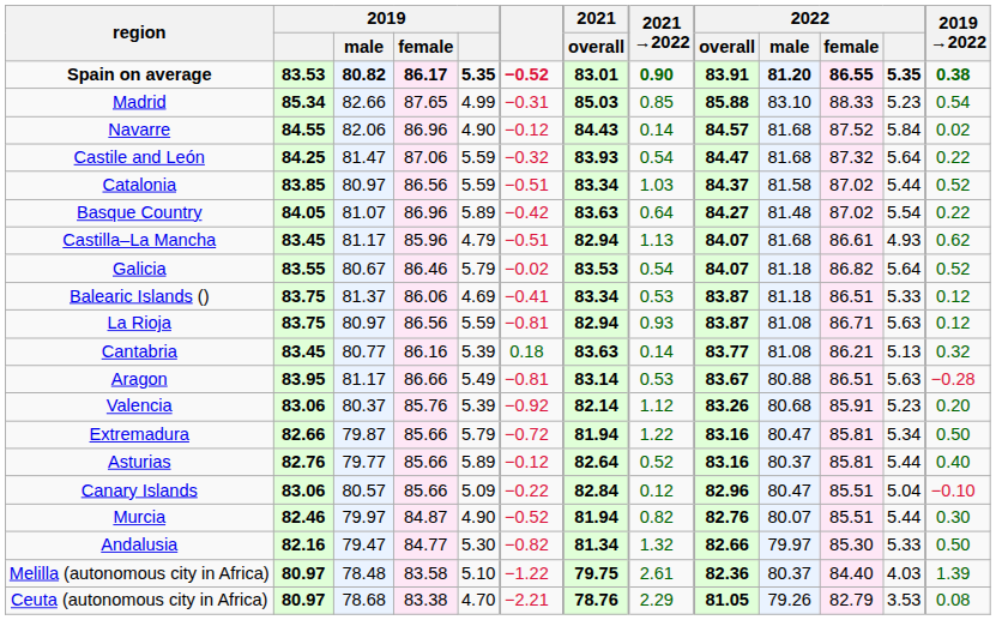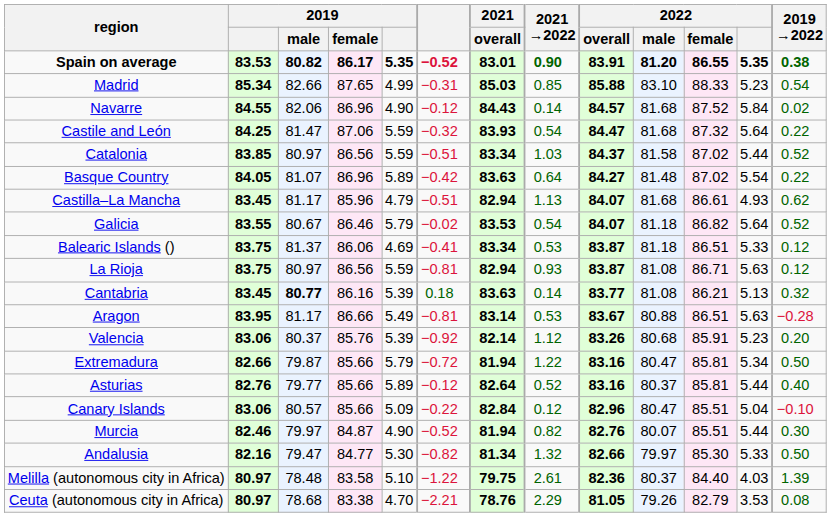 <table class="wikitable sortable mw-datatable static-row-numbers sort-under col1left col6right col8right col13right" style="text-align:center;">
 <tr>
 <th rowspan=2 style="vertical-align:middle;">region</th>
 <th colspan=4>2019</th>
 <th rowspan=2 style="vertical-align:middle;border-left-width:2px;"></th>
 <th style="border-left-width:2px;">2021</th>
 <th rowspan=2 style="vertical-align:middle;border-left-width:2px;">2021<br>→2022</th>
 <th colspan=4 style="border-left-width:2px;">2022</th>
 <th rowspan=2 style="vertical-align:middle;border-left-width:2px;">2019<br>→2022</th>
 </tr>
 <tr>
 <th style="vertical-align:middle;min-width:3em;"></th>
 <th style="vertical-align:middle;min-width:3em;">male</th>
 <th style="vertical-align:middle;min-width:3em;">female</th>
 <th></th>
 <th style="vertical-align:middle;min-width:3em;border-left-width:2px;">overall</th>
 <th style="vertical-align:middle;min-width:3em;border-left-width:2px;">overall</th>
 <th style="vertical-align:middle;min-width:3em;">male</th>
 <th style="vertical-align:middle;min-width:3em;">female</th>
 <th></th>
 </tr>
 <tr class=static-row-header>
 <td><strong>Spain on average</strong></td>
 <td style="background:#e0ffd8;"><strong>83.53</strong></td>
 <td style="background:#eaf3ff;"><strong>80.82</strong></td>
 <td style="background:#fee7f6;"><strong>86.17</strong></td>
 <td><strong>5.35</strong></td>
 <td style="padding-right:1.5ex;color:crimson;border-left-width:2px;"><strong>−0.52</strong></td>
 <td style="background:#e0ffd8;border-left-width:2px;"><strong>83.01</strong></td>
 <td style="padding-right:1.5ex;color:darkgreen;border-left-width:2px;"><strong>0.90</strong></td>
 <td style="background:#e0ffd8;border-left-width:2px;"><strong>83.91</strong></td>
 <td style="background:#eaf3ff;"><strong>81.20</strong></td>
 <td style="background:#fee7f6;"><strong>86.55</strong></td>
 <td><strong>5.35</strong></td>
 <td style="padding-right:1.5ex;color:darkgreen;border-left-width:2px;"><strong>0.38</strong></td>
 </tr>
 <tr>
 <td><a href='#'>Madrid</a></td>
 <td style="background:#e0ffd8;"><strong>85.34</strong></td>
 <td style="background:#eaf3ff;">82.66</td>
 <td style="background:#fee7f6;">87.65</td>
 <td>4.99</td>
 <td style="padding-right:1.5ex;color:crimson;border-left-width:2px;">−0.31</td>
 <td style="background:#e0ffd8;border-left-width:2px;"><strong>85.03</strong></td>
 <td style="padding-right:1.5ex;color:darkgreen;border-left-width:2px;">0.85</td>
 <td style="background:#e0ffd8;border-left-width:2px;"><strong>85.88</strong></td>
 <td style="background:#eaf3ff;">83.10</td>
 <td style="background:#fee7f6;">88.33</td>
 <td>5.23</td>
 <td style="padding-right:1.5ex;color:darkgreen;border-left-width:2px;">0.54</td>
 </tr>
 <tr>
 <td><a href='#'>Navarre</a></td>
 <td style="background:#e0ffd8;"><strong>84.55</strong></td>
 <td style="background:#eaf3ff;">82.06</td>
 <td style="background:#fee7f6;">86.96</td>
 <td>4.90</td>
 <td style="padding-right:1.5ex;color:crimson;border-left-width:2px;">−0.12</td>
 <td style="background:#e0ffd8;border-left-width:2px;"><strong>84.43</strong></td>
 <td style="padding-right:1.5ex;color:darkgreen;border-left-width:2px;">0.14</td>
 <td style="background:#e0ffd8;border-left-width:2px;"><strong>84.57</strong></td>
 <td style="background:#eaf3ff;">81.68</td>
 <td style="background:#fee7f6;">87.52</td>
 <td>5.84</td>
 <td style="padding-right:1.5ex;color:darkgreen;border-left-width:2px;">0.02</td>
 </tr>
 <tr>
 <td><a href='#'>Castile and León</a></td>
 <td style="background:#e0ffd8;"><strong>84.25</strong></td>
 <td style="background:#eaf3ff;">81.47</td>
 <td style="background:#fee7f6;">87.06</td>
 <td>5.59</td>
 <td style="padding-right:1.5ex;color:crimson;border-left-width:2px;">−0.32</td>
 <td style="background:#e0ffd8;border-left-width:2px;"><strong>83.93</strong></td>
 <td style="padding-right:1.5ex;color:darkgreen;border-left-width:2px;">0.54</td>
 <td style="background:#e0ffd8;border-left-width:2px;"><strong>84.47</strong></td>
 <td style="background:#eaf3ff;">81.68</td>
 <td style="background:#fee7f6;">87.32</td>
 <td>5.64</td>
 <td style="padding-right:1.5ex;color:darkgreen;border-left-width:2px;">0.22</td>
 </tr>
 <tr>
 <td><a href='#'>Catalonia</a></td>
 <td style="background:#e0ffd8;"><strong>83.85</strong></td>
 <td style="background:#eaf3ff;">80.97</td>
 <td style="background:#fee7f6;">86.56</td>
 <td>5.59</td>
 <td style="padding-right:1.5ex;color:crimson;border-left-width:2px;">−0.51</td>
 <td style="background:#e0ffd8;border-left-width:2px;"><strong>83.34</strong></td>
 <td style="padding-right:1.5ex;color:darkgreen;border-left-width:2px;">1.03</td>
 <td style="background:#e0ffd8;border-left-width:2px;"><strong>84.37</strong></td>
 <td style="background:#eaf3ff;">81.58</td>
 <td style="background:#fee7f6;">87.02</td>
 <td>5.44</td>
 <td style="padding-right:1.5ex;color:darkgreen;border-left-width:2px;">0.52</td>
 </tr>
 <tr>
 <td><a href='#'>Basque Country</a></td>
 <td style="background:#e0ffd8;"><strong>84.05</strong></td>
 <td style="background:#eaf3ff;">81.07</td>
 <td style="background:#fee7f6;">86.96</td>
 <td>5.89</td>
 <td style="padding-right:1.5ex;color:crimson;border-left-width:2px;">−0.42</td>
 <td style="background:#e0ffd8;border-left-width:2px;"><strong>83.63</strong></td>
 <td style="padding-right:1.5ex;color:darkgreen;border-left-width:2px;">0.64</td>
 <td style="background:#e0ffd8;border-left-width:2px;"><strong>84.27</strong></td>
 <td style="background:#eaf3ff;">81.48</td>
 <td style="background:#fee7f6;">87.02</td>
 <td>5.54</td>
 <td style="padding-right:1.5ex;color:darkgreen;border-left-width:2px;">0.22</td>
 </tr>
 <tr>
 <td><a href='#'>Castilla–La Mancha</a></td>
 <td style="background:#e0ffd8;"><strong>83.45</strong></td>
 <td style="background:#eaf3ff;">81.17</td>
 <td style="background:#fee7f6;">85.96</td>
 <td>4.79</td>
 <td style="padding-right:1.5ex;color:crimson;border-left-width:2px;">−0.51</td>
 <td style="background:#e0ffd8;border-left-width:2px;"><strong>82.94</strong></td>
 <td style="padding-right:1.5ex;color:darkgreen;border-left-width:2px;">1.13</td>
 <td style="background:#e0ffd8;border-left-width:2px;"><strong>84.07</strong></td>
 <td style="background:#eaf3ff;">81.68</td>
 <td style="background:#fee7f6;">86.61</td>
 <td>4.93</td>
 <td style="padding-right:1.5ex;color:darkgreen;border-left-width:2px;">0.62</td>
 </tr>
 <tr>
 <td><a href='#'>Galicia</a></td>
 <td style="background:#e0ffd8;"><strong>83.55</strong></td>
 <td style="background:#eaf3ff;">80.67</td>
 <td style="background:#fee7f6;">86.46</td>
 <td>5.79</td>
 <td style="padding-right:1.5ex;color:crimson;border-left-width:2px;">−0.02</td>
 <td style="background:#e0ffd8;border-left-width:2px;"><strong>83.53</strong></td>
 <td style="padding-right:1.5ex;color:darkgreen;border-left-width:2px;">0.54</td>
 <td style="background:#e0ffd8;border-left-width:2px;"><strong>84.07</strong></td>
 <td style="background:#eaf3ff;">81.18</td>
 <td style="background:#fee7f6;">86.82</td>
 <td>5.64</td>
 <td style="padding-right:1.5ex;color:darkgreen;border-left-width:2px;">0.52</td>
 </tr>
 <tr>
 <td><a href='#'>Balearic Islands</a> ()</td>
 <td style="background:#e0ffd8;"><strong>83.75</strong></td>
 <td style="background:#eaf3ff;">81.37</td>
 <td style="background:#fee7f6;">86.06</td>
 <td>4.69</td>
 <td style="padding-right:1.5ex;color:crimson;border-left-width:2px;">−0.41</td>
 <td style="background:#e0ffd8;border-left-width:2px;"><strong>83.34</strong></td>
 <td style="padding-right:1.5ex;color:darkgreen;border-left-width:2px;">0.53</td>
 <td style="background:#e0ffd8;border-left-width:2px;"><strong>83.87</strong></td>
 <td style="background:#eaf3ff;">81.18</td>
 <td style="background:#fee7f6;">86.51</td>
 <td>5.33</td>
 <td style="padding-right:1.5ex;color:darkgreen;border-left-width:2px;">0.12</td>
 </tr>
 <tr>
 <td><a href='#'>La Rioja</a></td>
 <td style="background:#e0ffd8;"><strong>83.75</strong></td>
 <td style="background:#eaf3ff;">80.97</td>
 <td style="background:#fee7f6;">86.56</td>
 <td>5.59</td>
 <td style="padding-right:1.5ex;color:crimson;border-left-width:2px;">−0.81</td>
 <td style="background:#e0ffd8;border-left-width:2px;"><strong>82.94</strong></td>
 <td style="padding-right:1.5ex;color:darkgreen;border-left-width:2px;">0.93</td>
 <td style="background:#e0ffd8;border-left-width:2px;"><strong>83.87</strong></td>
 <td style="background:#eaf3ff;">81.08</td>
 <td style="background:#fee7f6;">86.71</td>
 <td>5.63</td>
 <td style="padding-right:1.5ex;color:darkgreen;border-left-width:2px;">0.12</td>
 </tr>
 <tr>
 <td><a href='#'>Cantabria</a></td>
 <td style="background:#e0ffd8;"><strong>83.45</strong></td>
-<td style="background:#eaf3ff;">80.77</td>
+<td style="background:#eaf3ff;"><strong>80.77</strong></td>
 <td style="background:#fee7f6;">86.16</td>
 <td>5.39</td>
 <td style="padding-right:1.5ex;color:darkgreen;border-left-width:2px;">0.18</td>
 <td style="background:#e0ffd8;border-left-width:2px;"><strong>83.63</strong></td>
 <td style="padding-right:1.5ex;color:darkgreen;border-left-width:2px;">0.14</td>
 <td style="background:#e0ffd8;border-left-width:2px;"><strong>83.77</strong></td>
 <td style="background:#eaf3ff;">81.08</td>
 <td style="background:#fee7f6;">86.21</td>
 <td>5.13</td>
 <td style="padding-right:1.5ex;color:darkgreen;border-left-width:2px;">0.32</td>
 </tr>
 <tr>
 <td><a href='#'>Aragon</a></td>
 <td style="background:#e0ffd8;"><strong>83.95</strong></td>
 <td style="background:#eaf3ff;">81.17</td>
 <td style="background:#fee7f6;">86.66</td>
 <td>5.49</td>
 <td style="padding-right:1.5ex;color:crimson;border-left-width:2px;">−0.81</td>
 <td style="background:#e0ffd8;border-left-width:2px;"><strong>83.14</strong></td>
 <td style="padding-right:1.5ex;color:darkgreen;border-left-width:2px;">0.53</td>
 <td style="background:#e0ffd8;border-left-width:2px;"><strong>83.67</strong></td>
 <td style="background:#eaf3ff;">80.88</td>
 <td style="background:#fee7f6;">86.51</td>
 <td>5.63</td>
 <td style="padding-right:1.5ex;color:crimson;border-left-width:2px;">−0.28</td>
 </tr>
 <tr>
 <td><a href='#'>Valencia</a></td>
 <td style="background:#e0ffd8;"><strong>83.06</strong></td>
 <td style="background:#eaf3ff;">80.37</td>
 <td style="background:#fee7f6;">85.76</td>
 <td>5.39</td>
 <td style="padding-right:1.5ex;color:crimson;border-left-width:2px;">−0.92</td>
 <td style="background:#e0ffd8;border-left-width:2px;"><strong>82.14</strong></td>
 <td style="padding-right:1.5ex;color:darkgreen;border-left-width:2px;">1.12</td>
 <td style="background:#e0ffd8;border-left-width:2px;"><strong>83.26</strong></td>
 <td style="background:#eaf3ff;">80.68</td>
 <td style="background:#fee7f6;">85.91</td>
 <td>5.23</td>
 <td style="padding-right:1.5ex;color:darkgreen;border-left-width:2px;">0.20</td>
 </tr>
 <tr>
 <td><a href='#'>Extremadura</a></td>
 <td style="background:#e0ffd8;"><strong>82.66</strong></td>
 <td style="background:#eaf3ff;">79.87</td>
 <td style="background:#fee7f6;">85.66</td>
 <td>5.79</td>
 <td style="padding-right:1.5ex;color:crimson;border-left-width:2px;">−0.72</td>
 <td style="background:#e0ffd8;border-left-width:2px;"><strong>81.94</strong></td>
 <td style="padding-right:1.5ex;color:darkgreen;border-left-width:2px;">1.22</td>
 <td style="background:#e0ffd8;border-left-width:2px;"><strong>83.16</strong></td>
 <td style="background:#eaf3ff;">80.47</td>
 <td style="background:#fee7f6;">85.81</td>
 <td>5.34</td>
 <td style="padding-right:1.5ex;color:darkgreen;border-left-width:2px;">0.50</td>
 </tr>
 <tr>
 <td><a href='#'>Asturias</a></td>
 <td style="background:#e0ffd8;"><strong>82.76</strong></td>
 <td style="background:#eaf3ff;">79.77</td>
 <td style="background:#fee7f6;">85.66</td>
 <td>5.89</td>
 <td style="padding-right:1.5ex;color:crimson;border-left-width:2px;">−0.12</td>
 <td style="background:#e0ffd8;border-left-width:2px;"><strong>82.64</strong></td>
 <td style="padding-right:1.5ex;color:darkgreen;border-left-width:2px;">0.52</td>
 <td style="background:#e0ffd8;border-left-width:2px;"><strong>83.16</strong></td>
 <td style="background:#eaf3ff;">80.37</td>
 <td style="background:#fee7f6;">85.81</td>
 <td>5.44</td>
 <td style="padding-right:1.5ex;color:darkgreen;border-left-width:2px;">0.40</td>
 </tr>
 <tr>
 <td><a href='#'>Canary Islands</a> </td>
 <td style="background:#e0ffd8;"><strong>83.06</strong></td>
 <td style="background:#eaf3ff;">80.57</td>
 <td style="background:#fee7f6;">85.66</td>
 <td>5.09</td>
 <td style="padding-right:1.5ex;color:crimson;border-left-width:2px;">−0.22</td>
 <td style="background:#e0ffd8;border-left-width:2px;"><strong>82.84</strong></td>
 <td style="padding-right:1.5ex;color:darkgreen;border-left-width:2px;">0.12</td>
 <td style="background:#e0ffd8;border-left-width:2px;"><strong>82.96</strong></td>
 <td style="background:#eaf3ff;">80.47</td>
 <td style="background:#fee7f6;">85.51</td>
 <td>5.04</td>
 <td style="padding-right:1.5ex;color:crimson;border-left-width:2px;">−0.10</td>
 </tr>
 <tr>
 <td><a href='#'>Murcia</a></td>
 <td style="background:#e0ffd8;"><strong>82.46</strong></td>
 <td style="background:#eaf3ff;">79.97</td>
 <td style="background:#fee7f6;">84.87</td>
 <td>4.90</td>
 <td style="padding-right:1.5ex;color:crimson;border-left-width:2px;">−0.52</td>
 <td style="background:#e0ffd8;border-left-width:2px;"><strong>81.94</strong></td>
 <td style="padding-right:1.5ex;color:darkgreen;border-left-width:2px;">0.82</td>
 <td style="background:#e0ffd8;border-left-width:2px;"><strong>82.76</strong></td>
 <td style="background:#eaf3ff;">80.07</td>
 <td style="background:#fee7f6;">85.51</td>
 <td>5.44</td>
 <td style="padding-right:1.5ex;color:darkgreen;border-left-width:2px;">0.30</td>
 </tr>
 <tr>
 <td><a href='#'>Andalusia</a></td>
 <td style="background:#e0ffd8;"><strong>82.16</strong></td>
 <td style="background:#eaf3ff;">79.47</td>
 <td style="background:#fee7f6;">84.77</td>
 <td>5.30</td>
 <td style="padding-right:1.5ex;color:crimson;border-left-width:2px;">−0.82</td>
 <td style="background:#e0ffd8;border-left-width:2px;"><strong>81.34</strong></td>
 <td style="padding-right:1.5ex;color:darkgreen;border-left-width:2px;">1.32</td>
 <td style="background:#e0ffd8;border-left-width:2px;"><strong>82.66</strong></td>
 <td style="background:#eaf3ff;">79.97</td>
 <td style="background:#fee7f6;">85.30</td>
 <td>5.33</td>
 <td style="padding-right:1.5ex;color:darkgreen;border-left-width:2px;">0.50</td>
 </tr>
 <tr>
 <td><a href='#'>Melilla</a> (autonomous city in Africa)</td>
 <td style="background:#e0ffd8;"><strong>80.97</strong></td>
 <td style="background:#eaf3ff;">78.48</td>
 <td style="background:#fee7f6;">83.58</td>
 <td>5.10</td>
 <td style="padding-right:1.5ex;color:crimson;border-left-width:2px;">−1.22</td>
 <td style="background:#e0ffd8;border-left-width:2px;"><strong>79.75</strong></td>
 <td style="padding-right:1.5ex;color:darkgreen;border-left-width:2px;">2.61</td>
 <td style="background:#e0ffd8;border-left-width:2px;"><strong>82.36</strong></td>
 <td style="background:#eaf3ff;">80.37</td>
 <td style="background:#fee7f6;">84.40</td>
 <td>4.03</td>
 <td style="padding-right:1.5ex;color:darkgreen;border-left-width:2px;">1.39</td>
 </tr>
 <tr>
 <td><a href='#'>Ceuta</a> (autonomous city in Africa)</td>
 <td style="background:#e0ffd8;"><strong>80.97</strong></td>
 <td style="background:#eaf3ff;">78.68</td>
 <td style="background:#fee7f6;">83.38</td>
 <td>4.70</td>
 <td style="padding-right:1.5ex;color:crimson;border-left-width:2px;">−2.21</td>
 <td style="background:#e0ffd8;border-left-width:2px;"><strong>78.76</strong></td>
 <td style="padding-right:1.5ex;color:darkgreen;border-left-width:2px;">2.29</td>
 <td style="background:#e0ffd8;border-left-width:2px;"><strong>81.05</strong></td>
 <td style="background:#eaf3ff;">79.26</td>
 <td style="background:#fee7f6;">82.79</td>
 <td>3.53</td>
 <td style="padding-right:1.5ex;color:darkgreen;border-left-width:2px;">0.08</td>
 </tr>
 </table>
